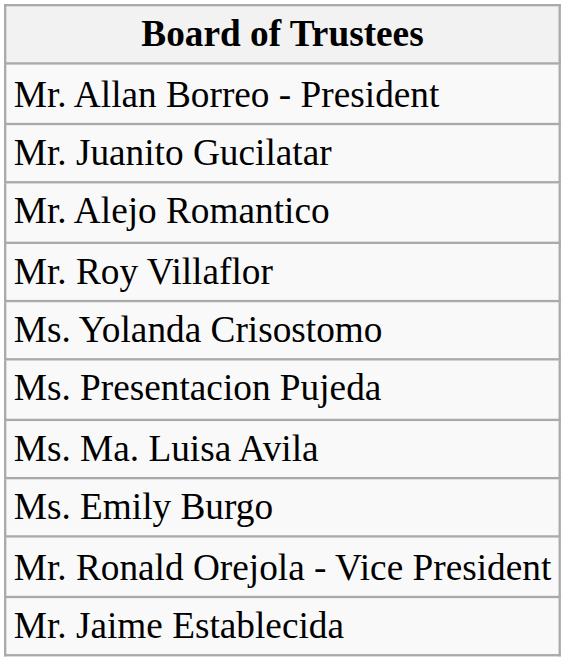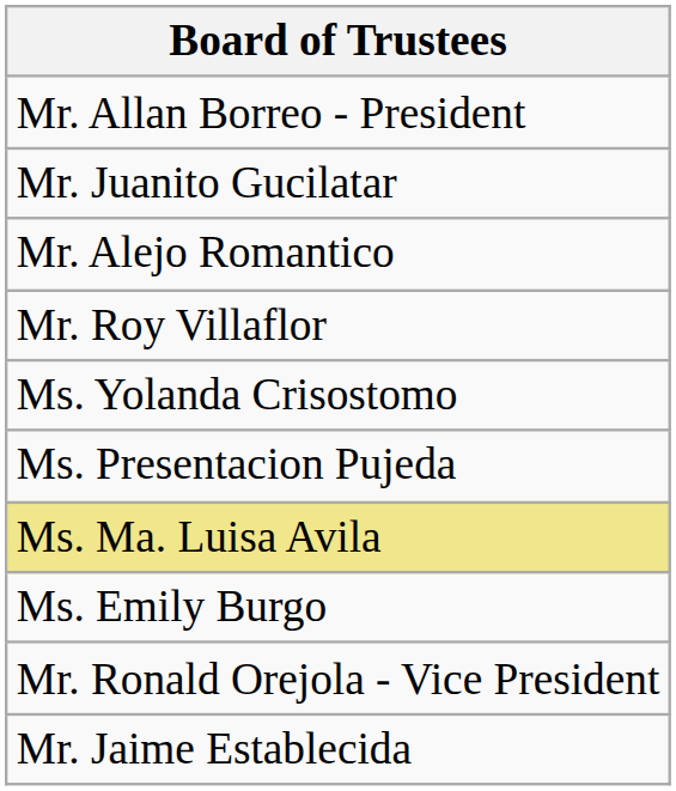 <table class="wikitable">
 <tr>
 <th>Board of Trustees</th>
 </tr>
 <tr>
 <td>Mr. Allan Borreo - President</td>
 </tr>
 <tr>
 <td>Mr. Juanito Gucilatar</td>
 </tr>
 <tr>
 <td>Mr. Alejo Romantico</td>
 </tr>
 <tr>
 <td>Mr. Roy Villaflor</td>
 </tr>
 <tr>
 <td>Ms. Yolanda Crisostomo</td>
 </tr>
 <tr>
 <td>Ms. Presentacion Pujeda</td>
 </tr>
 <tr>
-<td>Ms. Ma. Luisa Avila</td>
+<td style="background: khaki;">Ms. Ma. Luisa Avila</td>
 </tr>
 <tr>
 <td>Ms. Emily Burgo</td>
 </tr>
 <tr>
 <td>Mr. Ronald Orejola - Vice President</td>
 </tr>
 <tr>
 <td>Mr. Jaime Establecida</td>
 </tr>
 </table>
